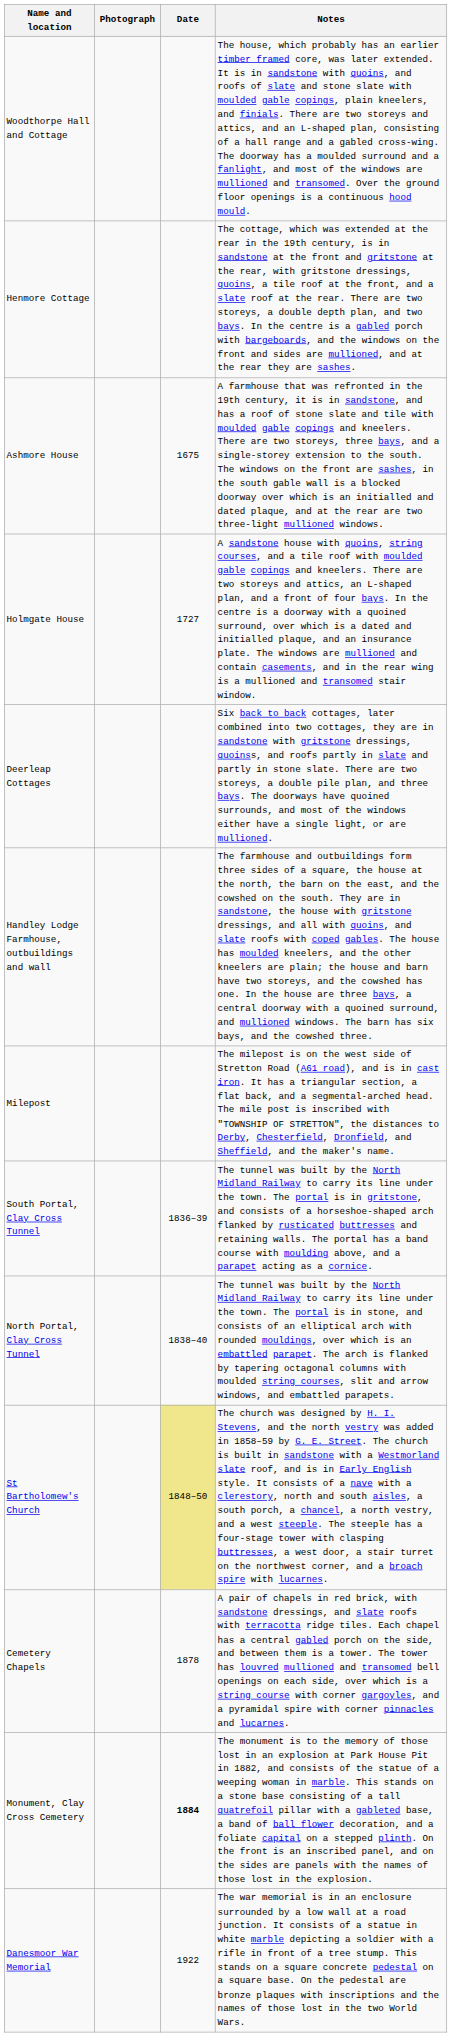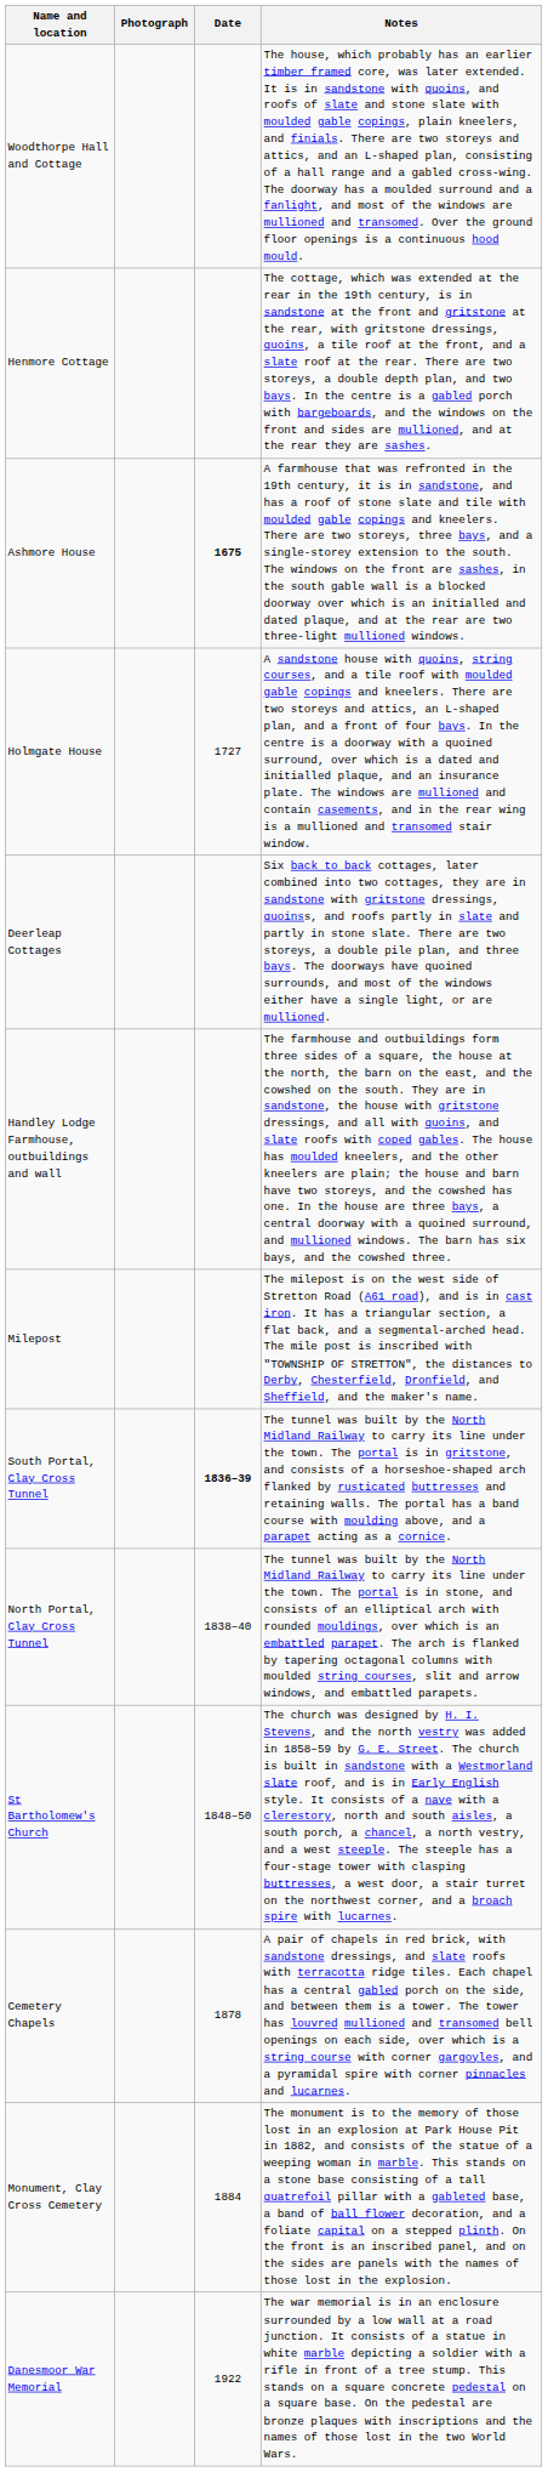 <table class="wikitable sortable plainrowheaders" style="width:100%;border:0px;text-align:left;line-height:150%;">
 <tr>
 <th scope="col"  style="width:150px">Name and location</th>
 <th scope="col"  style="width:100px" class="unsortable">Photograph</th>
 <th scope="col"  style="width:120px">Date</th>
 <th scope="col"  style="width:650px" class="unsortable">Notes</th>
 </tr>
 <tr>
 <td>Woodthorpe Hall and Cottage<br><small></small></td>
 <td></td>
 <td align="center"></td>
 <td>The house, which probably has an earlier <a href='#'>timber framed</a> core, was later extended.  It is in <a href='#'>sandstone</a> with <a href='#'>quoins</a>, and roofs of <a href='#'>slate</a> and stone slate with <a href='#'>moulded</a> <a href='#'>gable</a> <a href='#'>copings</a>, plain kneelers, and <a href='#'>finials</a>.  There are two storeys and attics, and an L-shaped plan, consisting of a hall range and a gabled cross-wing.  The doorway has a moulded surround and a <a href='#'>fanlight</a>, and most of the windows are <a href='#'>mullioned</a> and <a href='#'>transomed</a>.  Over the ground floor openings is a continuous <a href='#'>hood mould</a>.</td>
 </tr>
 <tr>
 <td>Henmore Cottage<br><small></small></td>
 <td></td>
 <td align="center"></td>
 <td>The cottage, which was extended at the rear in the 19th century, is in <a href='#'>sandstone</a> at the front and <a href='#'>gritstone</a> at the rear, with gritstone dressings, <a href='#'>quoins</a>, a tile roof at the front, and a <a href='#'>slate</a> roof at the rear.  There are two storeys, a double depth plan, and two <a href='#'>bays</a>.  In the centre is a <a href='#'>gabled</a> porch with <a href='#'>bargeboards</a>, and the windows on the front and sides are <a href='#'>mullioned</a>, and at the rear they are <a href='#'>sashes</a>.</td>
 </tr>
 <tr>
 <td>Ashmore House<br><small></small></td>
 <td></td>
-<td align="center">1675</td>
+<td align="center"><strong>1675</strong></td>
 <td>A farmhouse that was refronted in the 19th century, it is in <a href='#'>sandstone</a>, and has a roof of stone slate and tile with <a href='#'>moulded</a> <a href='#'>gable</a> <a href='#'>copings</a> and kneelers.  There are two storeys, three <a href='#'>bays</a>, and a single-storey extension to the south.  The windows on the front are <a href='#'>sashes</a>, in the south gable wall is a blocked doorway over which is an initialled and dated plaque, and at the rear are two three-light <a href='#'>mullioned</a> windows.</td>
 </tr>
 <tr>
 <td>Holmgate House<br><small></small></td>
 <td></td>
 <td align="center">1727</td>
 <td>A <a href='#'>sandstone</a> house with <a href='#'>quoins</a>, <a href='#'>string courses</a>, and a tile roof with <a href='#'>moulded</a> <a href='#'>gable</a> <a href='#'>copings</a> and kneelers.  There are two storeys and attics, an L-shaped plan, and a front of four <a href='#'>bays</a>.  In the centre is a doorway with a quoined surround, over which is a dated and initialled plaque, and an insurance plate.  The windows are <a href='#'>mullioned</a> and contain <a href='#'>casements</a>, and in the rear wing is a mullioned and <a href='#'>transomed</a> stair window.</td>
 </tr>
 <tr>
 <td>Deerleap Cottages<br><small></small></td>
 <td></td>
 <td align="center"></td>
 <td>Six <a href='#'>back to back</a> cottages, later combined into two cottages, they are in <a href='#'>sandstone</a> with <a href='#'>gritstone</a> dressings, <a href='#'>quoins</a>s, and roofs partly in <a href='#'>slate</a> and partly in stone slate.  There are two storeys, a double pile plan, and three <a href='#'>bays</a>.  The doorways have quoined surrounds, and most of the windows either have a single light, or are <a href='#'>mullioned</a>.</td>
 </tr>
 <tr>
 <td>Handley Lodge Farmhouse, outbuildings and wall<br><small></small></td>
 <td></td>
 <td align="center"></td>
 <td>The farmhouse and outbuildings form three sides of a square, the house at the north, the barn on the east, and the cowshed on the south.  They are in <a href='#'>sandstone</a>, the house with <a href='#'>gritstone</a> dressings, and all with <a href='#'>quoins</a>, and <a href='#'>slate</a> roofs with <a href='#'>coped</a> <a href='#'>gables</a>.  The house has <a href='#'>moulded</a> kneelers, and the other kneelers are plain; the house and barn have two storeys, and the cowshed has one.  In the house are three <a href='#'>bays</a>, a central doorway with a quoined surround, and <a href='#'>mullioned</a> windows.  The barn has six bays, and the cowshed three.</td>
 </tr>
 <tr>
 <td>Milepost<br><small></small></td>
 <td></td>
 <td align="center"></td>
 <td>The milepost is on the west side of Stretton Road (<a href='#'>A61 road</a>), and is in <a href='#'>cast iron</a>.  It has a triangular section, a flat back, and a segmental-arched head.  The mile post is inscribed with "TOWNSHIP OF STRETTON", the distances to <a href='#'>Derby</a>, <a href='#'>Chesterfield</a>, <a href='#'>Dronfield</a>, and <a href='#'>Sheffield</a>, and the maker's name.</td>
 </tr>
 <tr>
 <td>South Portal, <a href='#'>Clay Cross Tunnel</a><br><small></small></td>
 <td></td>
-<td align="center">1836–39</td>
+<td align="center"><strong>1836–39</strong></td>
 <td>The tunnel was built by the <a href='#'>North Midland Railway</a> to carry its line under the town.  The <a href='#'>portal</a> is in <a href='#'>gritstone</a>, and consists of a horseshoe-shaped arch flanked by <a href='#'>rusticated</a> <a href='#'>buttresses</a> and retaining walls.  The portal has a band course with <a href='#'>moulding</a> above, and a <a href='#'>parapet</a> acting as a <a href='#'>cornice</a>.</td>
 </tr>
 <tr>
 <td>North Portal, <a href='#'>Clay Cross Tunnel</a><br><small></small></td>
 <td></td>
 <td align="center">1838–40</td>
 <td>The tunnel was built by the <a href='#'>North Midland Railway</a> to carry its line under the town.  The <a href='#'>portal</a> is in stone, and consists of an elliptical arch with rounded <a href='#'>mouldings</a>, over which is an <a href='#'>embattled</a> <a href='#'>parapet</a>.  The arch is flanked by tapering octagonal columns with moulded <a href='#'>string courses</a>, slit and arrow windows, and embattled parapets.</td>
 </tr>
 <tr>
 <td><a href='#'>St Bartholomew's Church</a><br><small></small></td>
 <td></td>
-<td align="center" style="background: khaki;">1848–50</td>
+<td align="center">1848–50</td>
 <td>The church was designed by <a href='#'>H. I. Stevens</a>, and the north <a href='#'>vestry</a> was added in 1858–59 by <a href='#'>G. E. Street</a>.  The church is built in <a href='#'>sandstone</a> with a <a href='#'>Westmorland</a> <a href='#'>slate</a> roof, and is in <a href='#'>Early English</a> style.  It consists of a <a href='#'>nave</a> with a <a href='#'>clerestory</a>, north and south <a href='#'>aisles</a>, a south porch, a <a href='#'>chancel</a>, a north vestry, and a west <a href='#'>steeple</a>.  The steeple has a four-stage tower with clasping <a href='#'>buttresses</a>, a west door, a stair turret on the northwest corner, and a <a href='#'>broach spire</a> with <a href='#'>lucarnes</a>.</td>
 </tr>
 <tr>
 <td>Cemetery Chapels<br><small></small></td>
 <td></td>
 <td align="center">1878</td>
 <td>A pair of chapels in red brick, with <a href='#'>sandstone</a> dressings, and <a href='#'>slate</a> roofs with <a href='#'>terracotta</a> ridge tiles.  Each chapel has a central <a href='#'>gabled</a> porch on the side, and between them is a tower.  The tower has <a href='#'>louvred</a> <a href='#'>mullioned</a> and <a href='#'>transomed</a> bell openings on each side, over which is a <a href='#'>string course</a> with corner <a href='#'>gargoyles</a>, and a pyramidal spire with corner <a href='#'>pinnacles</a> and <a href='#'>lucarnes</a>.</td>
 </tr>
 <tr>
 <td>Monument, Clay Cross Cemetery<br><small></small></td>
 <td></td>
-<td align="center"><strong>1884</strong></td>
+<td align="center">1884</td>
 <td>The monument is to the memory of those lost in an explosion at Park House Pit in 1882, and consists of the statue of a weeping woman in <a href='#'>marble</a>.  This stands on a stone base consisting of a tall <a href='#'>quatrefoil</a> pillar with a <a href='#'>gableted</a> base, a band of <a href='#'>ball flower</a> decoration, and a foliate <a href='#'>capital</a> on a stepped <a href='#'>plinth</a>.  On the front is an inscribed panel, and on the sides are panels with the names of those lost in the explosion.</td>
 </tr>
 <tr>
 <td><a href='#'>Danesmoor War Memorial</a><br><small></small></td>
 <td></td>
 <td align="center">1922</td>
 <td>The war memorial is in an enclosure surrounded by a low wall at a road junction.  It consists of a statue in white <a href='#'>marble</a> depicting a soldier with a rifle in front of a tree stump.  This stands on a square concrete <a href='#'>pedestal</a> on a square base.  On the pedestal are bronze plaques with inscriptions and the names of those lost in the two World Wars.</td>
 </tr>
 <tr>
 </tr>
 </table>
